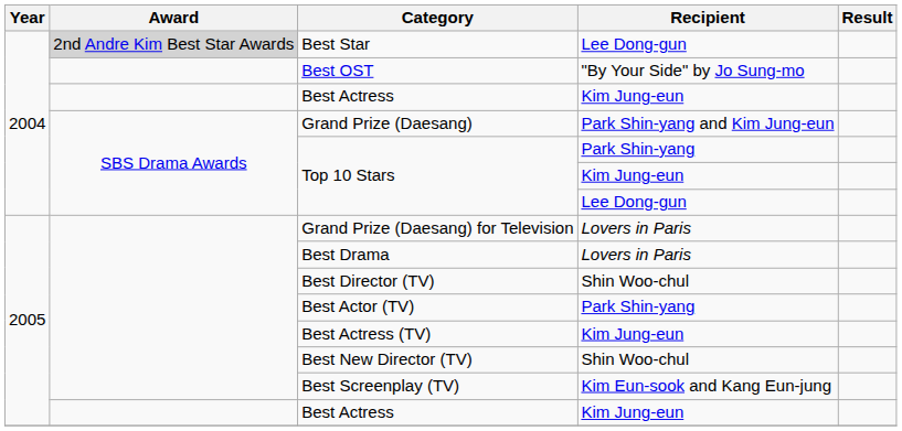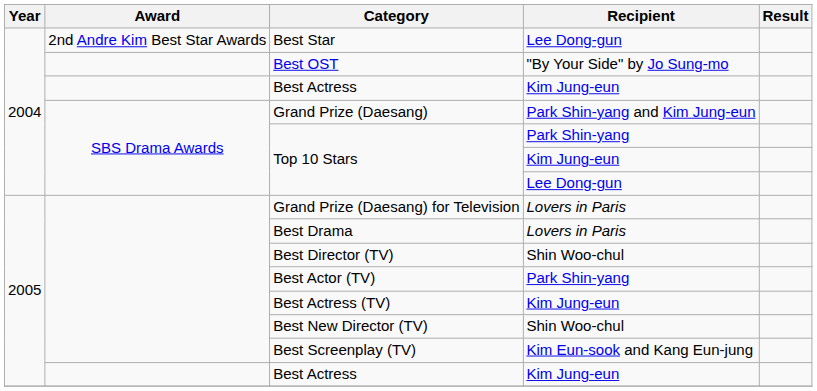 <table class="wikitable">
 <tr>
 <th>Year</th>
 <th>Award</th>
 <th>Category</th>
 <th>Recipient</th>
 <th>Result</th>
 </tr>
 <tr>
 <td rowspan=7>2004</td>
-<td style="background: lightgrey;">2nd <a href='#'>Andre Kim</a> Best Star Awards</td>
+<td>2nd <a href='#'>Andre Kim</a> Best Star Awards</td>
 <td>Best Star</td>
 <td><a href='#'>Lee Dong-gun</a></td>
 <td></td>
 </tr>
 <tr>
 <td></td>
 <td><a href='#'>Best OST</a></td>
 <td>"By Your Side" by <a href='#'>Jo Sung-mo</a></td>
 <td></td>
 </tr>
 <tr>
 <td></td>
 <td>Best Actress</td>
 <td><a href='#'>Kim Jung-eun</a></td>
 <td></td>
 </tr>
 <tr>
 <td rowspan=4 style="text-align:center;"><a href='#'>SBS Drama Awards</a></td>
 <td>Grand Prize (Daesang)</td>
 <td><a href='#'>Park Shin-yang</a> and <a href='#'>Kim Jung-eun</a></td>
 <td></td>
 </tr>
 <tr>
 <td rowspan=3>Top 10 Stars</td>
 <td><a href='#'>Park Shin-yang</a></td>
 <td></td>
 </tr>
 <tr>
 <td><a href='#'>Kim Jung-eun</a></td>
 <td></td>
 </tr>
 <tr>
 <td><a href='#'>Lee Dong-gun</a></td>
 <td></td>
 </tr>
 <tr>
 <td rowspan=8>2005</td>
 <td rowspan=7></td>
 <td>Grand Prize (Daesang) for Television</td>
 <td><em>Lovers in Paris</em></td>
 <td></td>
 </tr>
 <tr>
 <td>Best Drama</td>
 <td><em>Lovers in Paris</em></td>
 <td></td>
 </tr>
 <tr>
 <td>Best Director (TV)</td>
 <td>Shin Woo-chul</td>
 <td></td>
 </tr>
 <tr>
 <td>Best Actor (TV)</td>
 <td><a href='#'>Park Shin-yang</a></td>
 <td></td>
 </tr>
 <tr>
 <td>Best Actress (TV)</td>
 <td><a href='#'>Kim Jung-eun</a></td>
 <td></td>
 </tr>
 <tr>
 <td>Best New Director (TV)</td>
 <td>Shin Woo-chul</td>
 <td></td>
 </tr>
 <tr>
 <td>Best Screenplay (TV)</td>
 <td><a href='#'>Kim Eun-sook</a> and Kang Eun-jung</td>
 <td></td>
 </tr>
 <tr>
 <td></td>
 <td>Best Actress</td>
 <td><a href='#'>Kim Jung-eun</a></td>
 <td></td>
 </tr>
 <tr>
 </tr>
 </table>
